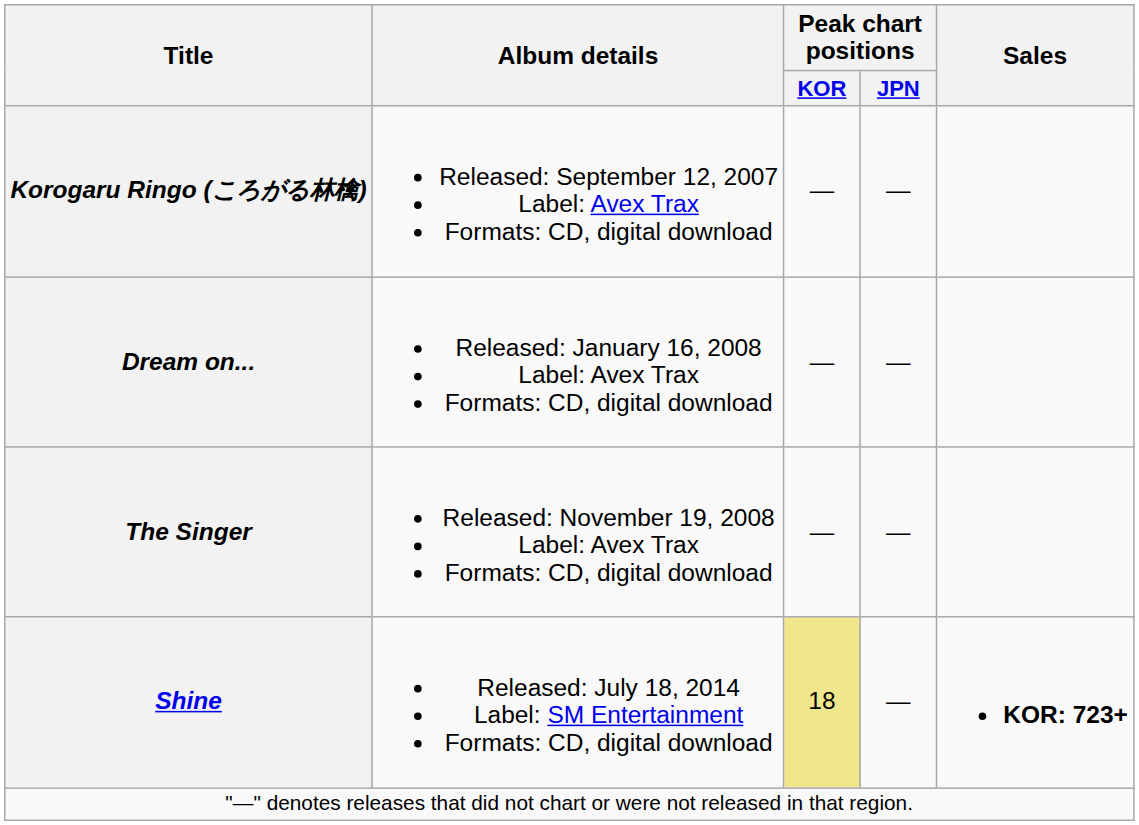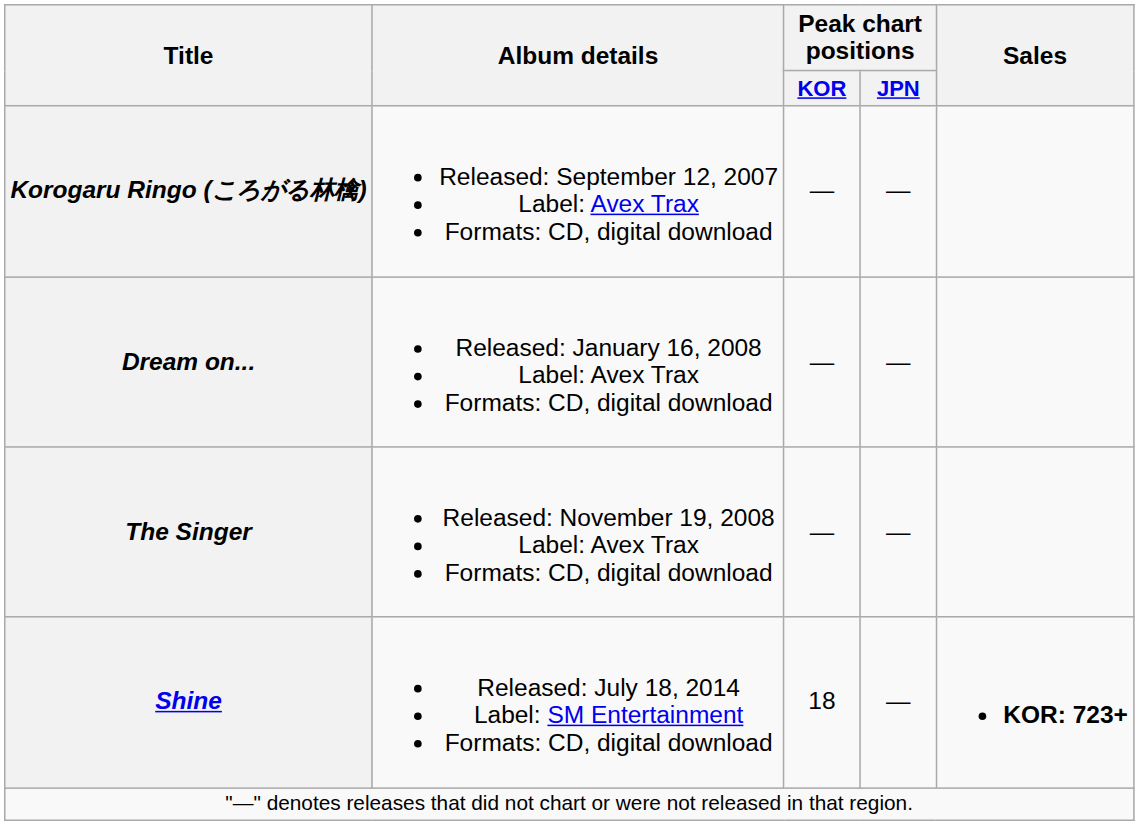 <table class="wikitable plainrowheaders" style="text-align:center;">
 <tr>
 <th scope="col" rowspan=2>Title</th>
 <th scope="col" rowspan=2>Album details</th>
 <th scope="col" colspan="2">Peak chart positions</th>
 <th scope="col" rowspan=2>Sales</th>
 </tr>
 <tr>
 <th scope="col" style="width:3em;font-size:90%;"><a href='#'>KOR</a><br></th>
 <th scope="col" style="width:3em;font-size:90%;"><a href='#'>JPN</a></th>
 </tr>
 <tr>
 <th scope="row"><em>Korogaru Ringo (ころがる林檎)</em></th>
 <td><br><ul><li>Released: September 12, 2007 </li><li>Label: <a href='#'>Avex Trax</a></li><li>Formats: CD, digital download</li></ul></td>
 <td>—</td>
 <td>—</td>
 <td></td>
 </tr>
 <tr>
 <th scope="row"><em>Dream on...</em></th>
 <td><br><ul><li>Released: January 16, 2008 </li><li>Label: Avex Trax</li><li>Formats: CD, digital download</li></ul></td>
 <td>—</td>
 <td>—</td>
 <td></td>
 </tr>
 <tr>
 <th scope="row"><em>The Singer</em></th>
 <td><br><ul><li>Released: November 19, 2008 </li><li>Label: Avex Trax</li><li>Formats: CD, digital download</li></ul></td>
 <td>—</td>
 <td>—</td>
 <td></td>
 </tr>
 <tr>
 <th scope="row"><em><a href='#'>Shine</a></em></th>
 <td><br><ul><li>Released: July 18, 2014 </li><li>Label: <a href='#'>SM Entertainment</a></li><li>Formats: CD, digital download</li></ul></td>
-<td style="background: khaki;">18</td>
+<td>18</td>
 <td>—</td>
 <td><strong><br><ul><li>KOR: 723+</li></ul></strong></td>
 </tr>
 <tr>
 <td colspan="9" style="font-size:85%;">"—" denotes releases that did not chart or were not released in that region.</td>
 </tr>
 </table>
